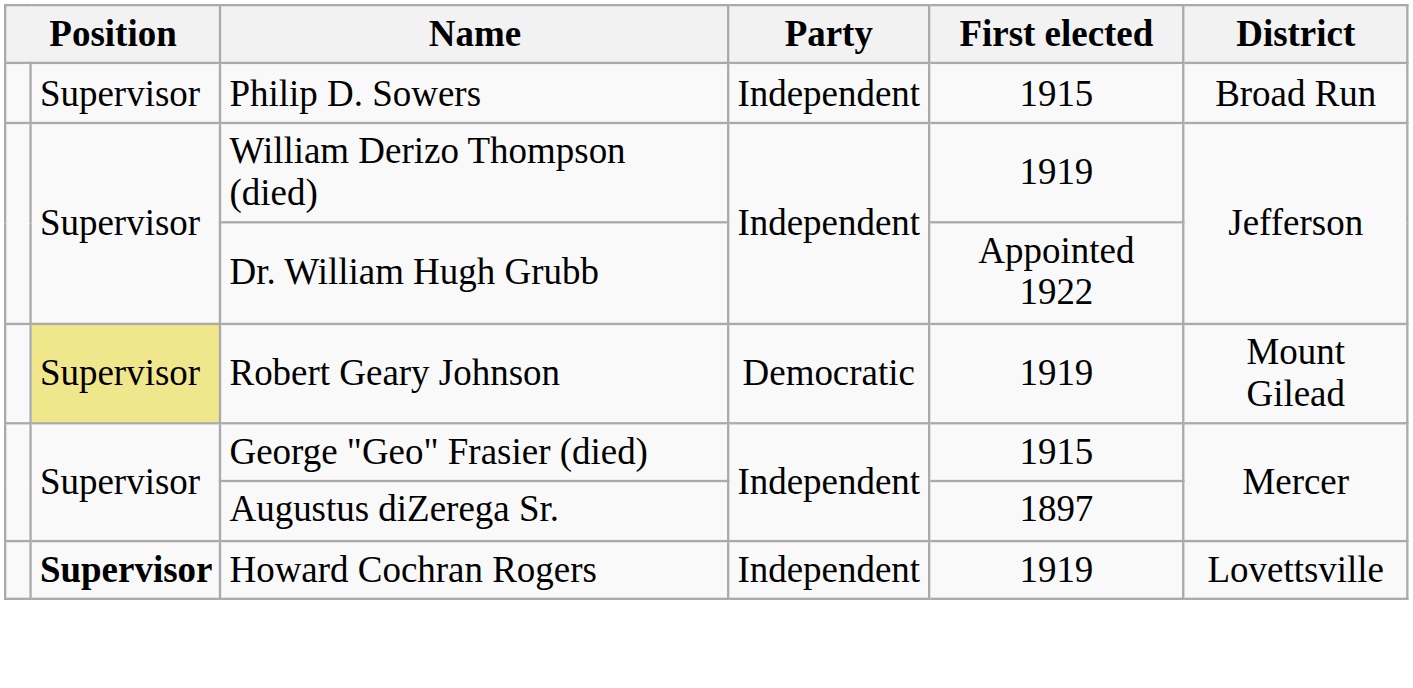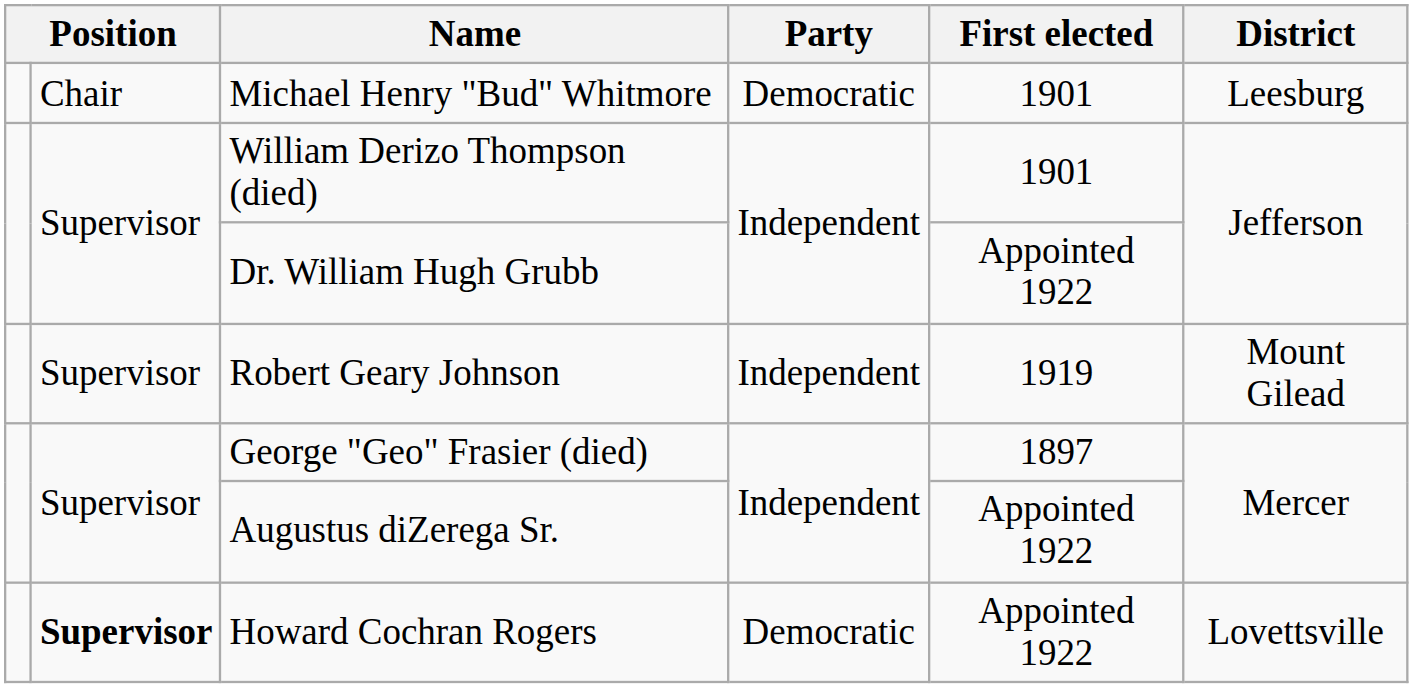 <table class="wikitable">
 <tr>
 <th colspan="2">Position</th>
 <th>Name</th>
 <th>Party</th>
 <th>First elected</th>
 <th>District</th>
 </tr>
 <tr>
 <td style="background-color:"> </td>
-<td>Supervisor</td>
-<td>Philip D. Sowers</td>
-<td style="text-align:center;">Independent</td>
-<td style="text-align:center;">1915</td>
-<td style="text-align:center;">Broad Run</td>
+<td>Chair</td>
+<td>Michael Henry "Bud" Whitmore</td>
+<td style="text-align:center;">Democratic</td>
+<td style="text-align:center;">1901</td>
+<td style="text-align:center;">Leesburg</td>
 </tr>
 <tr>
 <td rowspan="2" style="background-color:"> </td>
 <td rowspan="2">Supervisor</td>
 <td>William Derizo Thompson (died)</td>
 <td rowspan="2" style="text-align:center;">Independent</td>
-<td style="text-align:center;">1919</td>
+<td style="text-align:center;">1901</td>
 <td rowspan="2" style="text-align:center;">Jefferson</td>
 </tr>
 <tr>
 <td>Dr. William Hugh Grubb</td>
 <td style="text-align:center;">Appointed 1922</td>
 </tr>
 <tr>
 <td style="background-color:"> </td>
-<td style="background: khaki;">Supervisor</td>
+<td>Supervisor</td>
 <td>Robert Geary Johnson</td>
-<td style="text-align:center;">Democratic</td>
+<td style="text-align:center;">Independent</td>
 <td style="text-align:center;">1919</td>
 <td style="text-align:center;">Mount Gilead</td>
 </tr>
 <tr>
 <td rowspan="2" style="background-color:"> </td>
 <td rowspan="2">Supervisor</td>
 <td>George "Geo" Frasier (died)</td>
 <td rowspan="2" style="text-align:center;">Independent</td>
-<td style="text-align:center;">1915</td>
+<td style="text-align:center;">1897</td>
 <td rowspan="2" style="text-align:center;">Mercer</td>
 </tr>
 <tr>
 <td>Augustus diZerega Sr.</td>
-<td style="text-align:center;">1897</td>
+<td style="text-align:center;">Appointed 1922</td>
 </tr>
 <tr>
 <td style="background-color:"> </td>
 <td><strong>Supervisor</strong></td>
 <td>Howard Cochran Rogers</td>
-<td style="text-align:center;">Independent</td>
-<td style="text-align:center;">1919</td>
+<td style="text-align:center;">Democratic</td>
+<td style="text-align:center;">Appointed 1922</td>
 <td style="text-align:center;">Lovettsville</td>
 </tr>
 </table>
